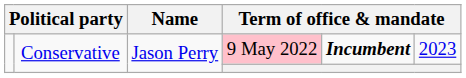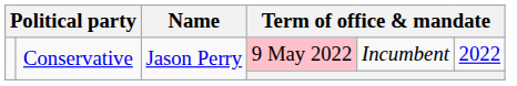 <table class="wikitable" style="text-align: center;">
 <tr>
 <th colspan=2>Political party</th>
 <th>Name</th>
 <th colspan=3>Term of office & mandate</th>
 </tr>
 <tr>
 <td rowspan=2 style="background-color: "></td>
 <td rowspan=2><a href='#'>Conservative</a></td>
 <td rowspan=2><a href='#'>Jason Perry</a></td>
 <td rowspan=1 style="background: pink;">9 May 2022</td>
-<td rowspan=1><strong><em>Incumbent</em></strong></td>
-<td><a href='#'>2023</a></td>
+<td rowspan=1><em>Incumbent</em></td>
+<td><a href='#'>2022</a></td>
 </tr>
 <tr>
 <th colspan=3 style="font-size:90%; font-weight:normal"></th>
 </tr>
 </table>
